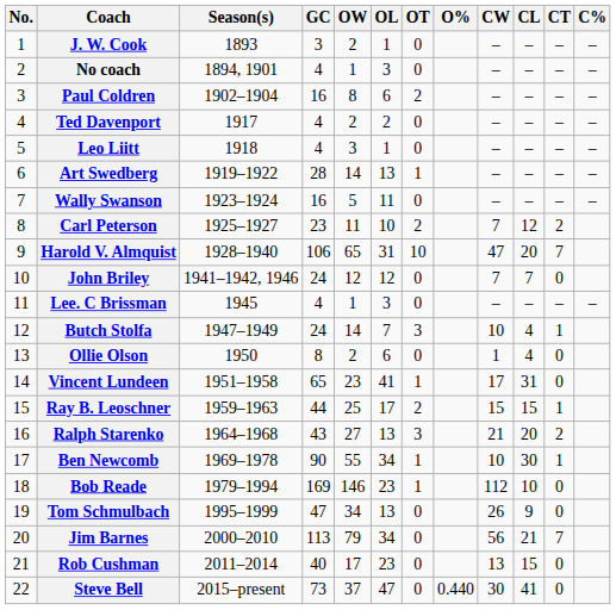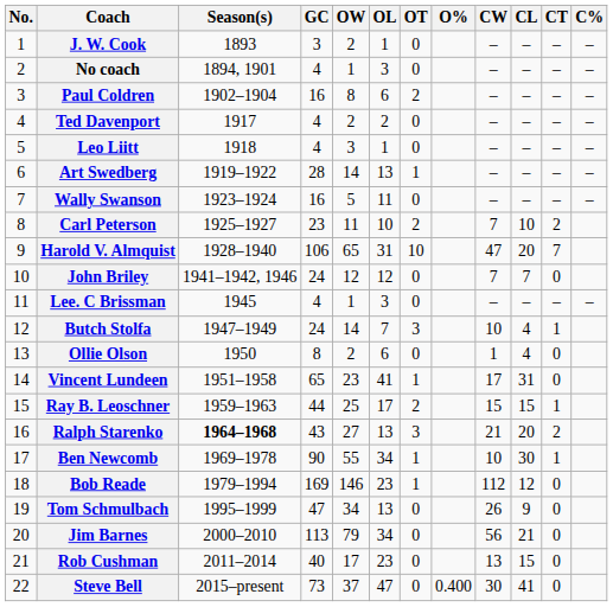 <table class="wikitable sortable plainrowheaders" style="text-align:center">
 <tr>
 <th width=px>No.</th>
 <th width=px>Coach</th>
 <th width=px>Season(s)</th>
 <th width=px>GC</th>
 <th width=px>OW</th>
 <th width=px>OL</th>
 <th width=px>OT</th>
 <th width=px>O%</th>
 <th width=px>CW</th>
 <th width=px>CL</th>
 <th width=px>CT</th>
 <th width=px>C%</th>
 </tr>
 <tr>
 <td>1</td>
 <th scope="row"><a href='#'>J. W. Cook</a></th>
 <td>1893</td>
 <td>3</td>
 <td>2</td>
 <td>1</td>
 <td>0</td>
 <td></td>
 <td>–</td>
 <td>–</td>
 <td>–</td>
 <td>–</td>
 </tr>
 <tr>
 <td>2</td>
 <th scope="row">No coach</th>
 <td>1894, 1901</td>
 <td>4</td>
 <td>1</td>
 <td>3</td>
 <td>0</td>
 <td></td>
 <td>–</td>
 <td>–</td>
 <td>–</td>
 <td>–</td>
 </tr>
 <tr>
 <td>3</td>
 <th scope="row"><a href='#'>Paul Coldren</a></th>
 <td>1902–1904</td>
 <td>16</td>
 <td>8</td>
 <td>6</td>
 <td>2</td>
 <td></td>
 <td>–</td>
 <td>–</td>
 <td>–</td>
 <td>–</td>
 </tr>
 <tr>
 <td>4</td>
 <th scope="row"><a href='#'>Ted Davenport</a></th>
 <td>1917</td>
 <td>4</td>
 <td>2</td>
 <td>2</td>
 <td>0</td>
 <td></td>
 <td>–</td>
 <td>–</td>
 <td>–</td>
 <td>–</td>
 </tr>
 <tr>
 <td>5</td>
 <th scope="row"><a href='#'>Leo Liitt</a></th>
 <td>1918</td>
 <td>4</td>
 <td>3</td>
 <td>1</td>
 <td>0</td>
 <td></td>
 <td>–</td>
 <td>–</td>
 <td>–</td>
 <td>–</td>
 </tr>
 <tr>
 <td>6</td>
 <th scope="row"><a href='#'>Art Swedberg</a></th>
 <td>1919–1922</td>
 <td>28</td>
 <td>14</td>
 <td>13</td>
 <td>1</td>
 <td></td>
 <td>–</td>
 <td>–</td>
 <td>–</td>
 <td>–</td>
 </tr>
 <tr>
 <td>7</td>
 <th scope="row"><a href='#'>Wally Swanson</a></th>
 <td>1923–1924</td>
 <td>16</td>
 <td>5</td>
 <td>11</td>
 <td>0</td>
 <td></td>
 <td>–</td>
 <td>–</td>
 <td>–</td>
 <td>–</td>
 </tr>
 <tr>
 <td>8</td>
 <th scope="row"><a href='#'>Carl Peterson</a></th>
 <td>1925–1927</td>
 <td>23</td>
 <td>11</td>
 <td>10</td>
 <td>2</td>
 <td></td>
 <td>7</td>
-<td>12</td>
+<td>10</td>
 <td>2</td>
 <td></td>
 </tr>
 <tr>
 <td>9</td>
 <th scope="row"><a href='#'>Harold V. Almquist</a></th>
 <td>1928–1940</td>
 <td>106</td>
 <td>65</td>
 <td>31</td>
 <td>10</td>
 <td></td>
 <td>47</td>
 <td>20</td>
 <td>7</td>
 <td></td>
 </tr>
 <tr>
 <td>10</td>
 <th scope="row"><a href='#'>John Briley</a></th>
 <td>1941–1942, 1946</td>
 <td>24</td>
 <td>12</td>
 <td>12</td>
 <td>0</td>
 <td></td>
 <td>7</td>
 <td>7</td>
 <td>0</td>
 <td></td>
 </tr>
 <tr>
 <td>11</td>
 <th scope="row"><a href='#'>Lee. C Brissman</a></th>
 <td>1945</td>
 <td>4</td>
 <td>1</td>
 <td>3</td>
 <td>0</td>
 <td></td>
 <td>–</td>
 <td>–</td>
 <td>–</td>
 <td>–</td>
 </tr>
 <tr>
 <td>12</td>
 <th scope="row"><a href='#'>Butch Stolfa</a></th>
 <td>1947–1949</td>
 <td>24</td>
 <td>14</td>
 <td>7</td>
 <td>3</td>
 <td></td>
 <td>10</td>
 <td>4</td>
 <td>1</td>
 <td></td>
 </tr>
 <tr>
 <td>13</td>
 <th scope="row"><a href='#'>Ollie Olson</a></th>
 <td>1950</td>
 <td>8</td>
 <td>2</td>
 <td>6</td>
 <td>0</td>
 <td></td>
 <td>1</td>
 <td>4</td>
 <td>0</td>
 <td></td>
 </tr>
 <tr>
 <td>14</td>
 <th scope="row"><a href='#'>Vincent Lundeen</a></th>
 <td>1951–1958</td>
 <td>65</td>
 <td>23</td>
 <td>41</td>
 <td>1</td>
 <td></td>
 <td>17</td>
 <td>31</td>
 <td>0</td>
 <td></td>
 </tr>
 <tr>
 <td>15</td>
 <th scope="row"><a href='#'>Ray B. Leoschner</a></th>
 <td>1959–1963</td>
 <td>44</td>
 <td>25</td>
 <td>17</td>
 <td>2</td>
 <td></td>
 <td>15</td>
 <td>15</td>
 <td>1</td>
 <td></td>
 </tr>
 <tr>
 <td>16</td>
 <th scope="row"><a href='#'>Ralph Starenko</a></th>
-<td>1964–1968</td>
+<td><strong>1964–1968</strong></td>
 <td>43</td>
 <td>27</td>
 <td>13</td>
 <td>3</td>
 <td></td>
 <td>21</td>
 <td>20</td>
 <td>2</td>
 <td></td>
 </tr>
 <tr>
 <td>17</td>
 <th scope="row"><a href='#'>Ben Newcomb</a></th>
 <td>1969–1978</td>
 <td>90</td>
 <td>55</td>
 <td>34</td>
 <td>1</td>
 <td></td>
 <td>10</td>
 <td>30</td>
 <td>1</td>
 <td></td>
 </tr>
 <tr>
 <td>18</td>
 <th scope="row"><a href='#'>Bob Reade</a></th>
 <td>1979–1994</td>
 <td>169</td>
 <td>146</td>
 <td>23</td>
 <td>1</td>
 <td></td>
 <td>112</td>
-<td>10</td>
+<td>12</td>
 <td>0</td>
 <td></td>
 </tr>
 <tr>
 <td>19</td>
 <th scope="row"><a href='#'>Tom Schmulbach</a></th>
 <td>1995–1999</td>
 <td>47</td>
 <td>34</td>
 <td>13</td>
 <td>0</td>
 <td></td>
 <td>26</td>
 <td>9</td>
 <td>0</td>
 <td></td>
 </tr>
 <tr>
 <td>20</td>
 <th scope="row"><a href='#'>Jim Barnes</a></th>
 <td>2000–2010</td>
 <td>113</td>
 <td>79</td>
 <td>34</td>
 <td>0</td>
 <td></td>
 <td>56</td>
 <td>21</td>
-<td>7</td>
+<td>0</td>
 <td></td>
 </tr>
 <tr>
 <td>21</td>
 <th scope="row"><a href='#'>Rob Cushman</a></th>
 <td>2011–2014</td>
 <td>40</td>
 <td>17</td>
 <td>23</td>
 <td>0</td>
 <td></td>
 <td>13</td>
 <td>15</td>
 <td>0</td>
 <td></td>
 </tr>
 <tr>
 <td>22</td>
 <th scope="row"><a href='#'>Steve Bell</a></th>
 <td>2015–present</td>
 <td>73</td>
 <td>37</td>
 <td>47</td>
 <td>0</td>
-<td>0.440</td>
+<td>0.400</td>
 <td>30</td>
 <td>41</td>
 <td>0</td>
 <td></td>
 </tr>
 </table>
